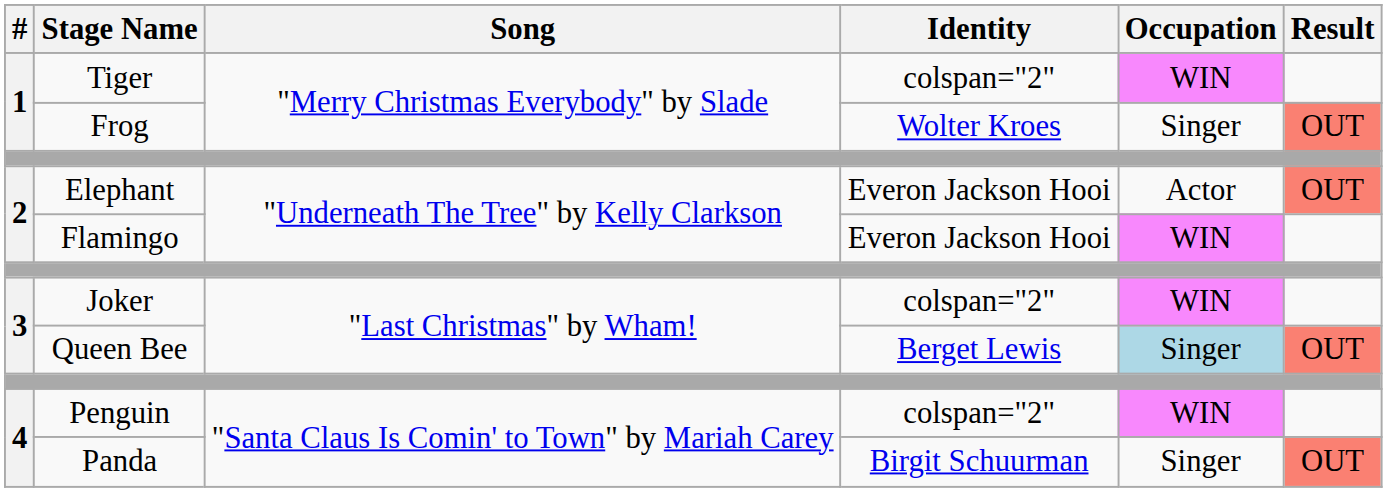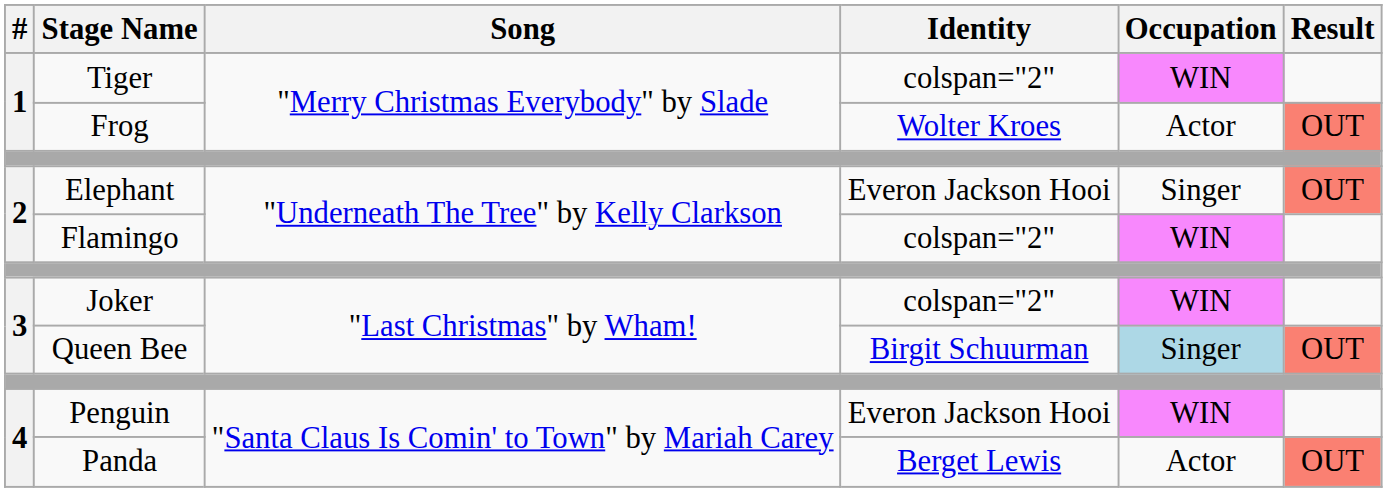 <table class="wikitable plainrowheaders" style="text-align: center;">
 <tr>
 <th><strong>#</strong></th>
 <th><strong>Stage Name</strong></th>
 <th><strong>Song</strong></th>
 <th>Identity</th>
 <th><strong>Occupation</strong></th>
 <th>Result</th>
 </tr>
 <tr>
 <th rowspan="2">1</th>
 <td>Tiger</td>
 <td rowspan="2">"<a href='#'>Merry Christmas Everybody</a>" by <a href='#'>Slade</a></td>
 <td>colspan="2" </td>
 <td bgcolor="F888FD">WIN</td>
 </tr>
 <tr>
 <td>Frog</td>
 <td><a href='#'>Wolter Kroes</a></td>
-<td>Singer</td>
+<td>Actor</td>
 <td bgcolor="salmon">OUT</td>
 </tr>
 <tr>
 <th colspan="6" style="background:darkgrey"></th>
 </tr>
 <tr>
 <th rowspan="2">2</th>
 <td>Elephant</td>
 <td rowspan="2">"<a href='#'>Underneath The Tree</a>" by <a href='#'>Kelly Clarkson</a></td>
 <td>Everon Jackson Hooi</td>
-<td>Actor</td>
+<td>Singer</td>
 <td bgcolor="salmon">OUT</td>
 </tr>
 <tr>
 <td>Flamingo</td>
-<td>Everon Jackson Hooi</td>
+<td>colspan="2" </td>
 <td bgcolor="F888FD">WIN</td>
 </tr>
 <tr>
 <th colspan="6" style="background:darkgrey"></th>
 </tr>
 <tr>
 <th rowspan="2">3</th>
 <td>Joker</td>
 <td rowspan="2">"<a href='#'>Last Christmas</a>" by <a href='#'>Wham!</a></td>
 <td>colspan="2" </td>
 <td bgcolor="F888FD">WIN</td>
 </tr>
 <tr>
 <td>Queen Bee</td>
-<td><a href='#'>Berget Lewis</a></td>
+<td><a href='#'>Birgit Schuurman</a></td>
 <td style="background: lightblue;">Singer</td>
 <td bgcolor="salmon">OUT</td>
 </tr>
 <tr>
 <th colspan="6" style="background:darkgrey"></th>
 </tr>
 <tr>
 <th rowspan="2">4</th>
 <td>Penguin</td>
 <td rowspan="2">"<a href='#'>Santa Claus Is Comin' to Town</a>" by <a href='#'>Mariah Carey</a></td>
-<td>colspan="2" </td>
+<td>Everon Jackson Hooi</td>
 <td bgcolor="F888FD">WIN</td>
 </tr>
 <tr>
 <td>Panda</td>
-<td><a href='#'>Birgit Schuurman</a></td>
-<td>Singer</td>
+<td><a href='#'>Berget Lewis</a></td>
+<td>Actor</td>
 <td bgcolor="salmon">OUT</td>
 </tr>
 </table>
